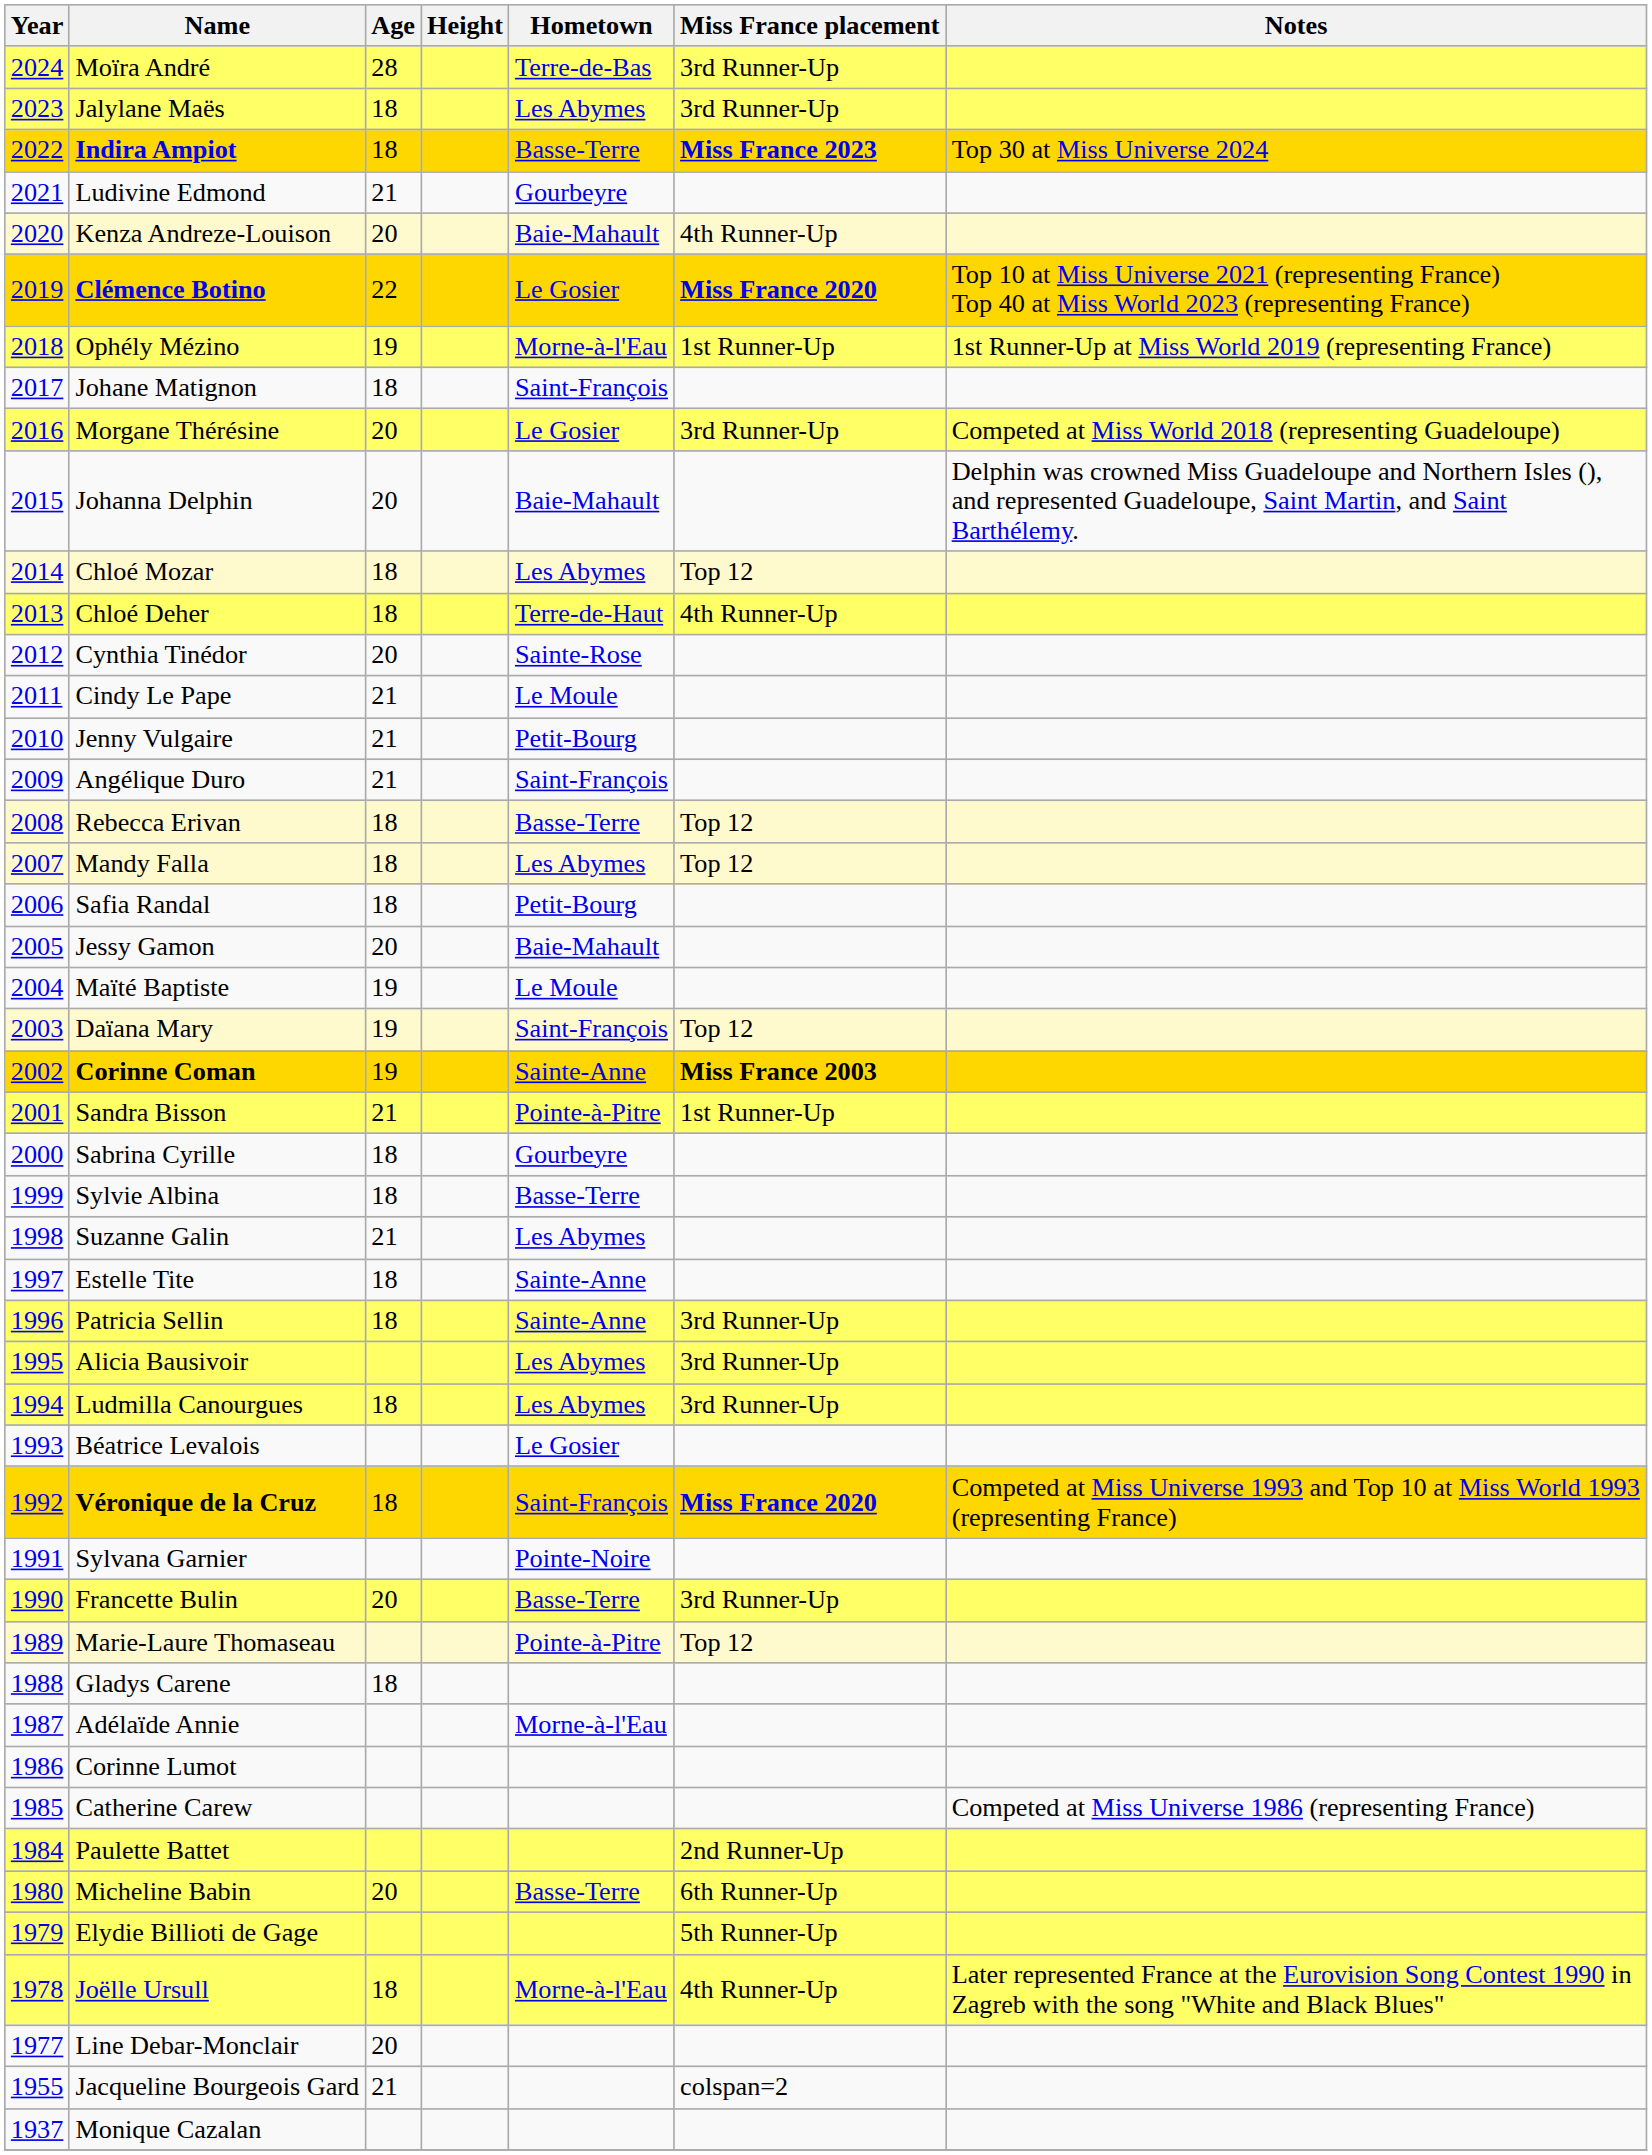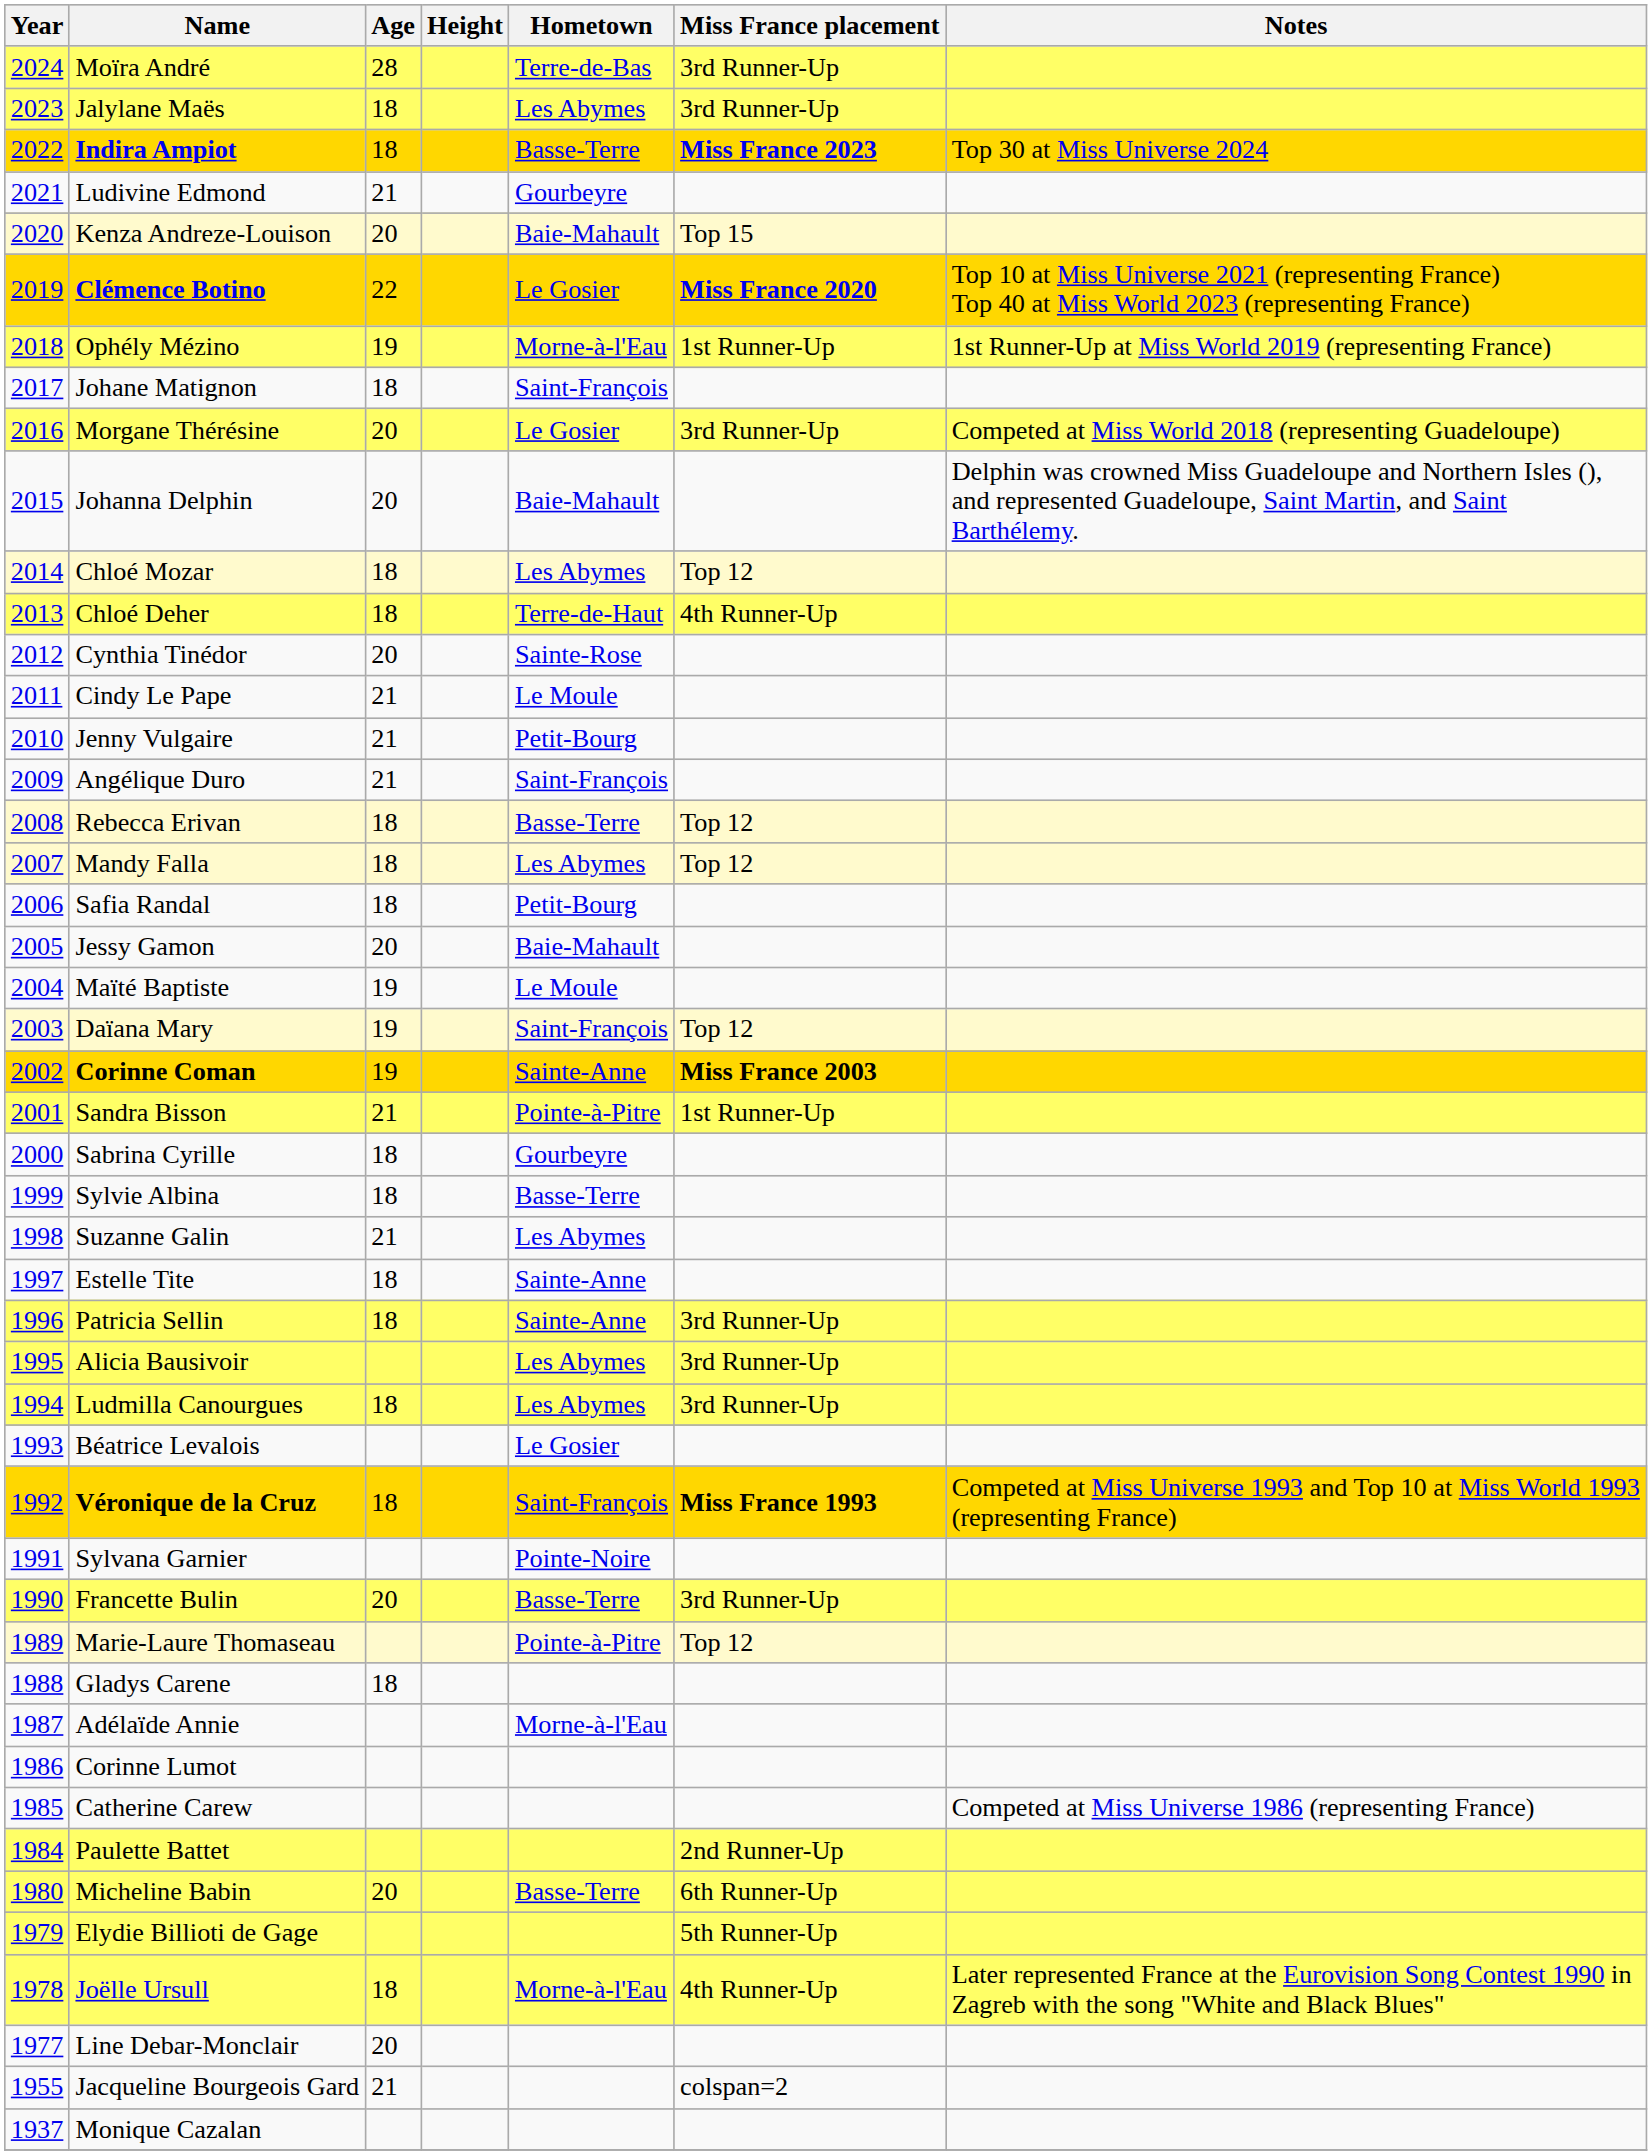 <table class="wikitable sortable">
 <tr>
 <th>Year</th>
 <th>Name</th>
 <th>Age</th>
 <th>Height</th>
 <th>Hometown</th>
 <th>Miss France placement</th>
 <th width=420>Notes</th>
 </tr>
 <tr bgcolor=#FFFF66>
 <td><a href='#'>2024</a></td>
 <td>Moïra André</td>
 <td>28</td>
 <td></td>
 <td><a href='#'>Terre-de-Bas</a></td>
 <td>3rd Runner-Up</td>
 <td></td>
 </tr>
 <tr bgcolor=#FFFF66>
 <td><a href='#'>2023</a></td>
 <td>Jalylane Maës</td>
 <td>18</td>
 <td></td>
 <td><a href='#'>Les Abymes</a></td>
 <td>3rd Runner-Up</td>
 <td></td>
 </tr>
 <tr bgcolor=gold>
 <td><a href='#'>2022</a></td>
 <td><strong><a href='#'>Indira Ampiot</a></strong></td>
 <td>18</td>
 <td></td>
 <td><a href='#'>Basse-Terre</a></td>
 <td><strong><a href='#'>Miss France 2023</a></strong></td>
 <td>Top 30 at <a href='#'>Miss Universe 2024</a></td>
 </tr>
 <tr>
 <td><a href='#'>2021</a></td>
 <td>Ludivine Edmond</td>
 <td>21</td>
 <td></td>
 <td><a href='#'>Gourbeyre</a></td>
 <td></td>
 <td></td>
 </tr>
 <tr bgcolor=#FFFACD>
 <td><a href='#'>2020</a></td>
 <td>Kenza Andreze-Louison</td>
 <td>20</td>
 <td></td>
 <td><a href='#'>Baie-Mahault</a></td>
-<td>4th Runner-Up</td>
+<td>Top 15</td>
 <td></td>
 </tr>
 <tr bgcolor=gold>
 <td><a href='#'>2019</a></td>
 <td><strong><a href='#'>Clémence Botino</a></strong></td>
 <td>22</td>
 <td></td>
 <td><a href='#'>Le Gosier</a></td>
 <td><strong><a href='#'>Miss France 2020</a></strong></td>
 <td>Top 10 at <a href='#'>Miss Universe 2021</a> (representing France)<br>Top 40 at <a href='#'>Miss World 2023</a> (representing France)</td>
 </tr>
 <tr bgcolor=#FFFF66>
 <td><a href='#'>2018</a></td>
 <td>Ophély Mézino</td>
 <td>19</td>
 <td></td>
 <td><a href='#'>Morne-à-l'Eau</a></td>
 <td>1st Runner-Up</td>
 <td>1st Runner-Up at <a href='#'>Miss World 2019</a> (representing France)</td>
 </tr>
 <tr>
 <td><a href='#'>2017</a></td>
 <td>Johane Matignon</td>
 <td>18</td>
 <td></td>
 <td><a href='#'>Saint-François</a></td>
 <td></td>
 <td></td>
 </tr>
 <tr bgcolor=#FFFF66>
 <td><a href='#'>2016</a></td>
 <td>Morgane Thérésine</td>
 <td>20</td>
 <td></td>
 <td><a href='#'>Le Gosier</a></td>
 <td>3rd Runner-Up</td>
 <td>Competed at <a href='#'>Miss World 2018</a> (representing Guadeloupe)</td>
 </tr>
 <tr>
 <td><a href='#'>2015</a></td>
 <td>Johanna Delphin</td>
 <td>20</td>
 <td></td>
 <td><a href='#'>Baie-Mahault</a></td>
 <td></td>
 <td>Delphin was crowned Miss Guadeloupe and Northern Isles (), and represented Guadeloupe, <a href='#'>Saint Martin</a>, and <a href='#'>Saint Barthélemy</a>.</td>
 </tr>
 <tr bgcolor=#FFFACD>
 <td><a href='#'>2014</a></td>
 <td>Chloé Mozar</td>
 <td>18</td>
 <td></td>
 <td><a href='#'>Les Abymes</a></td>
 <td>Top 12</td>
 <td></td>
 </tr>
 <tr bgcolor=#FFFF66>
 <td><a href='#'>2013</a></td>
 <td>Chloé Deher</td>
 <td>18</td>
 <td></td>
 <td><a href='#'>Terre-de-Haut</a></td>
 <td>4th Runner-Up</td>
 <td></td>
 </tr>
 <tr>
 <td><a href='#'>2012</a></td>
 <td>Cynthia Tinédor</td>
 <td>20</td>
 <td></td>
 <td><a href='#'>Sainte-Rose</a></td>
 <td></td>
 <td></td>
 </tr>
 <tr>
 <td><a href='#'>2011</a></td>
 <td>Cindy Le Pape</td>
 <td>21</td>
 <td></td>
 <td><a href='#'>Le Moule</a></td>
 <td></td>
 <td></td>
 </tr>
 <tr>
 <td><a href='#'>2010</a></td>
 <td>Jenny Vulgaire</td>
 <td>21</td>
 <td></td>
 <td><a href='#'>Petit-Bourg</a></td>
 <td></td>
 <td></td>
 </tr>
 <tr>
 <td><a href='#'>2009</a></td>
 <td>Angélique Duro</td>
 <td>21</td>
 <td></td>
 <td><a href='#'>Saint-François</a></td>
 <td></td>
 <td></td>
 </tr>
 <tr bgcolor=#FFFACD>
 <td><a href='#'>2008</a></td>
 <td>Rebecca Erivan</td>
 <td>18</td>
 <td></td>
 <td><a href='#'>Basse-Terre</a></td>
 <td>Top 12</td>
 <td></td>
 </tr>
 <tr bgcolor=#FFFACD>
 <td><a href='#'>2007</a></td>
 <td>Mandy Falla</td>
 <td>18</td>
 <td></td>
 <td><a href='#'>Les Abymes</a></td>
 <td>Top 12</td>
 <td></td>
 </tr>
 <tr>
 <td><a href='#'>2006</a></td>
 <td>Safia Randal</td>
 <td>18</td>
 <td></td>
 <td><a href='#'>Petit-Bourg</a></td>
 <td></td>
 <td></td>
 </tr>
 <tr>
 <td><a href='#'>2005</a></td>
 <td>Jessy Gamon</td>
 <td>20</td>
 <td></td>
 <td><a href='#'>Baie-Mahault</a></td>
 <td></td>
 <td></td>
 </tr>
 <tr>
 <td><a href='#'>2004</a></td>
 <td>Maïté Baptiste</td>
 <td>19</td>
 <td></td>
 <td><a href='#'>Le Moule</a></td>
 <td></td>
 <td></td>
 </tr>
 <tr bgcolor=#FFFACD>
 <td><a href='#'>2003</a></td>
 <td>Daïana Mary</td>
 <td>19</td>
 <td></td>
 <td><a href='#'>Saint-François</a></td>
 <td>Top 12</td>
 <td></td>
 </tr>
 <tr bgcolor=gold>
 <td><a href='#'>2002</a></td>
 <td><strong>Corinne Coman</strong></td>
 <td>19</td>
 <td></td>
 <td><a href='#'>Sainte-Anne</a></td>
 <td><strong>Miss France 2003</strong></td>
 <td></td>
 </tr>
 <tr bgcolor=#FFFF66>
 <td><a href='#'>2001</a></td>
 <td>Sandra Bisson</td>
 <td>21</td>
 <td></td>
 <td><a href='#'>Pointe-à-Pitre</a></td>
 <td>1st Runner-Up</td>
 <td></td>
 </tr>
 <tr>
 <td><a href='#'>2000</a></td>
 <td>Sabrina Cyrille</td>
 <td>18</td>
 <td></td>
 <td><a href='#'>Gourbeyre</a></td>
 <td></td>
 <td></td>
 </tr>
 <tr>
 <td><a href='#'>1999</a></td>
 <td>Sylvie Albina</td>
 <td>18</td>
 <td></td>
 <td><a href='#'>Basse-Terre</a></td>
 <td></td>
 <td></td>
 </tr>
 <tr>
 <td><a href='#'>1998</a></td>
 <td>Suzanne Galin</td>
 <td>21</td>
 <td></td>
 <td><a href='#'>Les Abymes</a></td>
 <td></td>
 <td></td>
 </tr>
 <tr>
 <td><a href='#'>1997</a></td>
 <td>Estelle Tite</td>
 <td>18</td>
 <td></td>
 <td><a href='#'>Sainte-Anne</a></td>
 <td></td>
 <td></td>
 </tr>
 <tr bgcolor=#FFFF66>
 <td><a href='#'>1996</a></td>
 <td>Patricia Sellin</td>
 <td>18</td>
 <td></td>
 <td><a href='#'>Sainte-Anne</a></td>
 <td>3rd Runner-Up</td>
 <td></td>
 </tr>
 <tr bgcolor=#FFFF66>
 <td><a href='#'>1995</a></td>
 <td>Alicia Bausivoir</td>
 <td></td>
 <td></td>
 <td><a href='#'>Les Abymes</a></td>
 <td>3rd Runner-Up</td>
 <td></td>
 </tr>
 <tr bgcolor=#FFFF66>
 <td><a href='#'>1994</a></td>
 <td>Ludmilla Canourgues</td>
 <td>18</td>
 <td></td>
 <td><a href='#'>Les Abymes</a></td>
 <td>3rd Runner-Up</td>
 <td></td>
 </tr>
 <tr>
 <td><a href='#'>1993</a></td>
 <td>Béatrice Levalois</td>
 <td></td>
 <td></td>
 <td><a href='#'>Le Gosier</a></td>
 <td></td>
 <td></td>
 </tr>
 <tr bgcolor=gold>
 <td><a href='#'>1992</a></td>
 <td><strong>Véronique de la Cruz</strong></td>
 <td>18</td>
 <td></td>
 <td><a href='#'>Saint-François</a></td>
-<td><strong><a href='#'>Miss France 2020</a></strong></td>
+<td><strong>Miss France 1993</strong></td>
 <td>Competed at <a href='#'>Miss Universe 1993</a> and Top 10 at <a href='#'>Miss World 1993</a> (representing France)</td>
 </tr>
 <tr>
 <td><a href='#'>1991</a></td>
 <td>Sylvana Garnier</td>
 <td></td>
 <td></td>
 <td><a href='#'>Pointe-Noire</a></td>
 <td></td>
 <td></td>
 </tr>
 <tr bgcolor=#FFFF66>
 <td><a href='#'>1990</a></td>
 <td>Francette Bulin</td>
 <td>20</td>
 <td></td>
 <td><a href='#'>Basse-Terre</a></td>
 <td>3rd Runner-Up</td>
 <td></td>
 </tr>
 <tr bgcolor=#FFFACD>
 <td><a href='#'>1989</a></td>
 <td>Marie-Laure Thomaseau</td>
 <td></td>
 <td></td>
 <td><a href='#'>Pointe-à-Pitre</a></td>
 <td>Top 12</td>
 <td></td>
 </tr>
 <tr>
 <td><a href='#'>1988</a></td>
 <td>Gladys Carene</td>
 <td>18</td>
 <td></td>
 <td></td>
 <td></td>
 <td></td>
 </tr>
 <tr>
 <td><a href='#'>1987</a></td>
 <td>Adélaïde Annie</td>
 <td></td>
 <td></td>
 <td><a href='#'>Morne-à-l'Eau</a></td>
 <td></td>
 <td></td>
 </tr>
 <tr>
 <td><a href='#'>1986</a></td>
 <td>Corinne Lumot</td>
 <td></td>
 <td></td>
 <td></td>
 <td></td>
 <td></td>
 </tr>
 <tr>
 <td><a href='#'>1985</a></td>
 <td>Catherine Carew</td>
 <td></td>
 <td></td>
 <td></td>
 <td></td>
 <td>Competed at <a href='#'>Miss Universe 1986</a> (representing France)</td>
 </tr>
 <tr bgcolor=#FFFF66>
 <td><a href='#'>1984</a></td>
 <td>Paulette Battet</td>
 <td></td>
 <td></td>
 <td></td>
 <td>2nd Runner-Up</td>
 <td></td>
 </tr>
 <tr bgcolor=#FFFF66>
 <td><a href='#'>1980</a></td>
 <td>Micheline Babin</td>
 <td>20</td>
 <td></td>
 <td><a href='#'>Basse-Terre</a></td>
 <td>6th Runner-Up</td>
 <td></td>
 </tr>
 <tr bgcolor=#FFFF66>
 <td><a href='#'>1979</a></td>
 <td>Elydie Billioti de Gage</td>
 <td></td>
 <td></td>
 <td></td>
 <td>5th Runner-Up</td>
 <td></td>
 </tr>
 <tr bgcolor=#FFFF66>
 <td><a href='#'>1978</a></td>
 <td><a href='#'>Joëlle Ursull</a></td>
 <td>18</td>
 <td></td>
 <td><a href='#'>Morne-à-l'Eau</a></td>
 <td>4th Runner-Up</td>
 <td>Later represented France at the <a href='#'>Eurovision Song Contest 1990</a> in Zagreb with the song "White and Black Blues"</td>
 </tr>
 <tr>
 <td><a href='#'>1977</a></td>
 <td>Line Debar-Monclair</td>
 <td>20</td>
 <td></td>
 <td></td>
 <td></td>
 <td></td>
 </tr>
 <tr>
 <td><a href='#'>1955</a></td>
 <td>Jacqueline Bourgeois Gard</td>
 <td>21</td>
 <td></td>
 <td></td>
 <td>colspan=2 </td>
 </tr>
 <tr>
 <td><a href='#'>1937</a></td>
 <td>Monique Cazalan</td>
 <td></td>
 <td></td>
 <td></td>
 <td></td>
 <td></td>
 </tr>
 <tr>
 </tr>
 </table>
